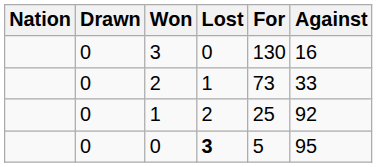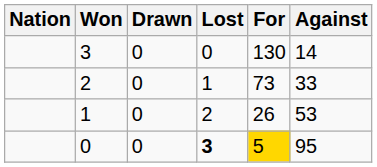 <table class="wikitable">
 <tr>
 <th>Nation</th>
+<th>Won</th>
 <th>Drawn</th>
-<th>Won</th>
 <th>Lost</th>
 <th>For</th>
 <th>Against</th>
 </tr>
 <tr>
 <td></td>
-<td>0</td>
 <td>3</td>
 <td>0</td>
+<td>0</td>
 <td>130</td>
-<td>16</td>
+<td>14</td>
 </tr>
 <tr>
 <td></td>
+<td>2</td>
 <td>0</td>
-<td>2</td>
 <td>1</td>
 <td>73</td>
 <td>33</td>
 </tr>
 <tr>
 <td></td>
+<td>1</td>
 <td>0</td>
-<td>1</td>
 <td>2</td>
-<td>25</td>
-<td>92</td>
+<td>26</td>
+<td>53</td>
 </tr>
 <tr>
 <td></td>
 <td>0</td>
 <td>0</td>
 <td><strong>3</strong></td>
-<td>5</td>
+<td style="background: gold;">5</td>
 <td>95</td>
 </tr>
 </table>
